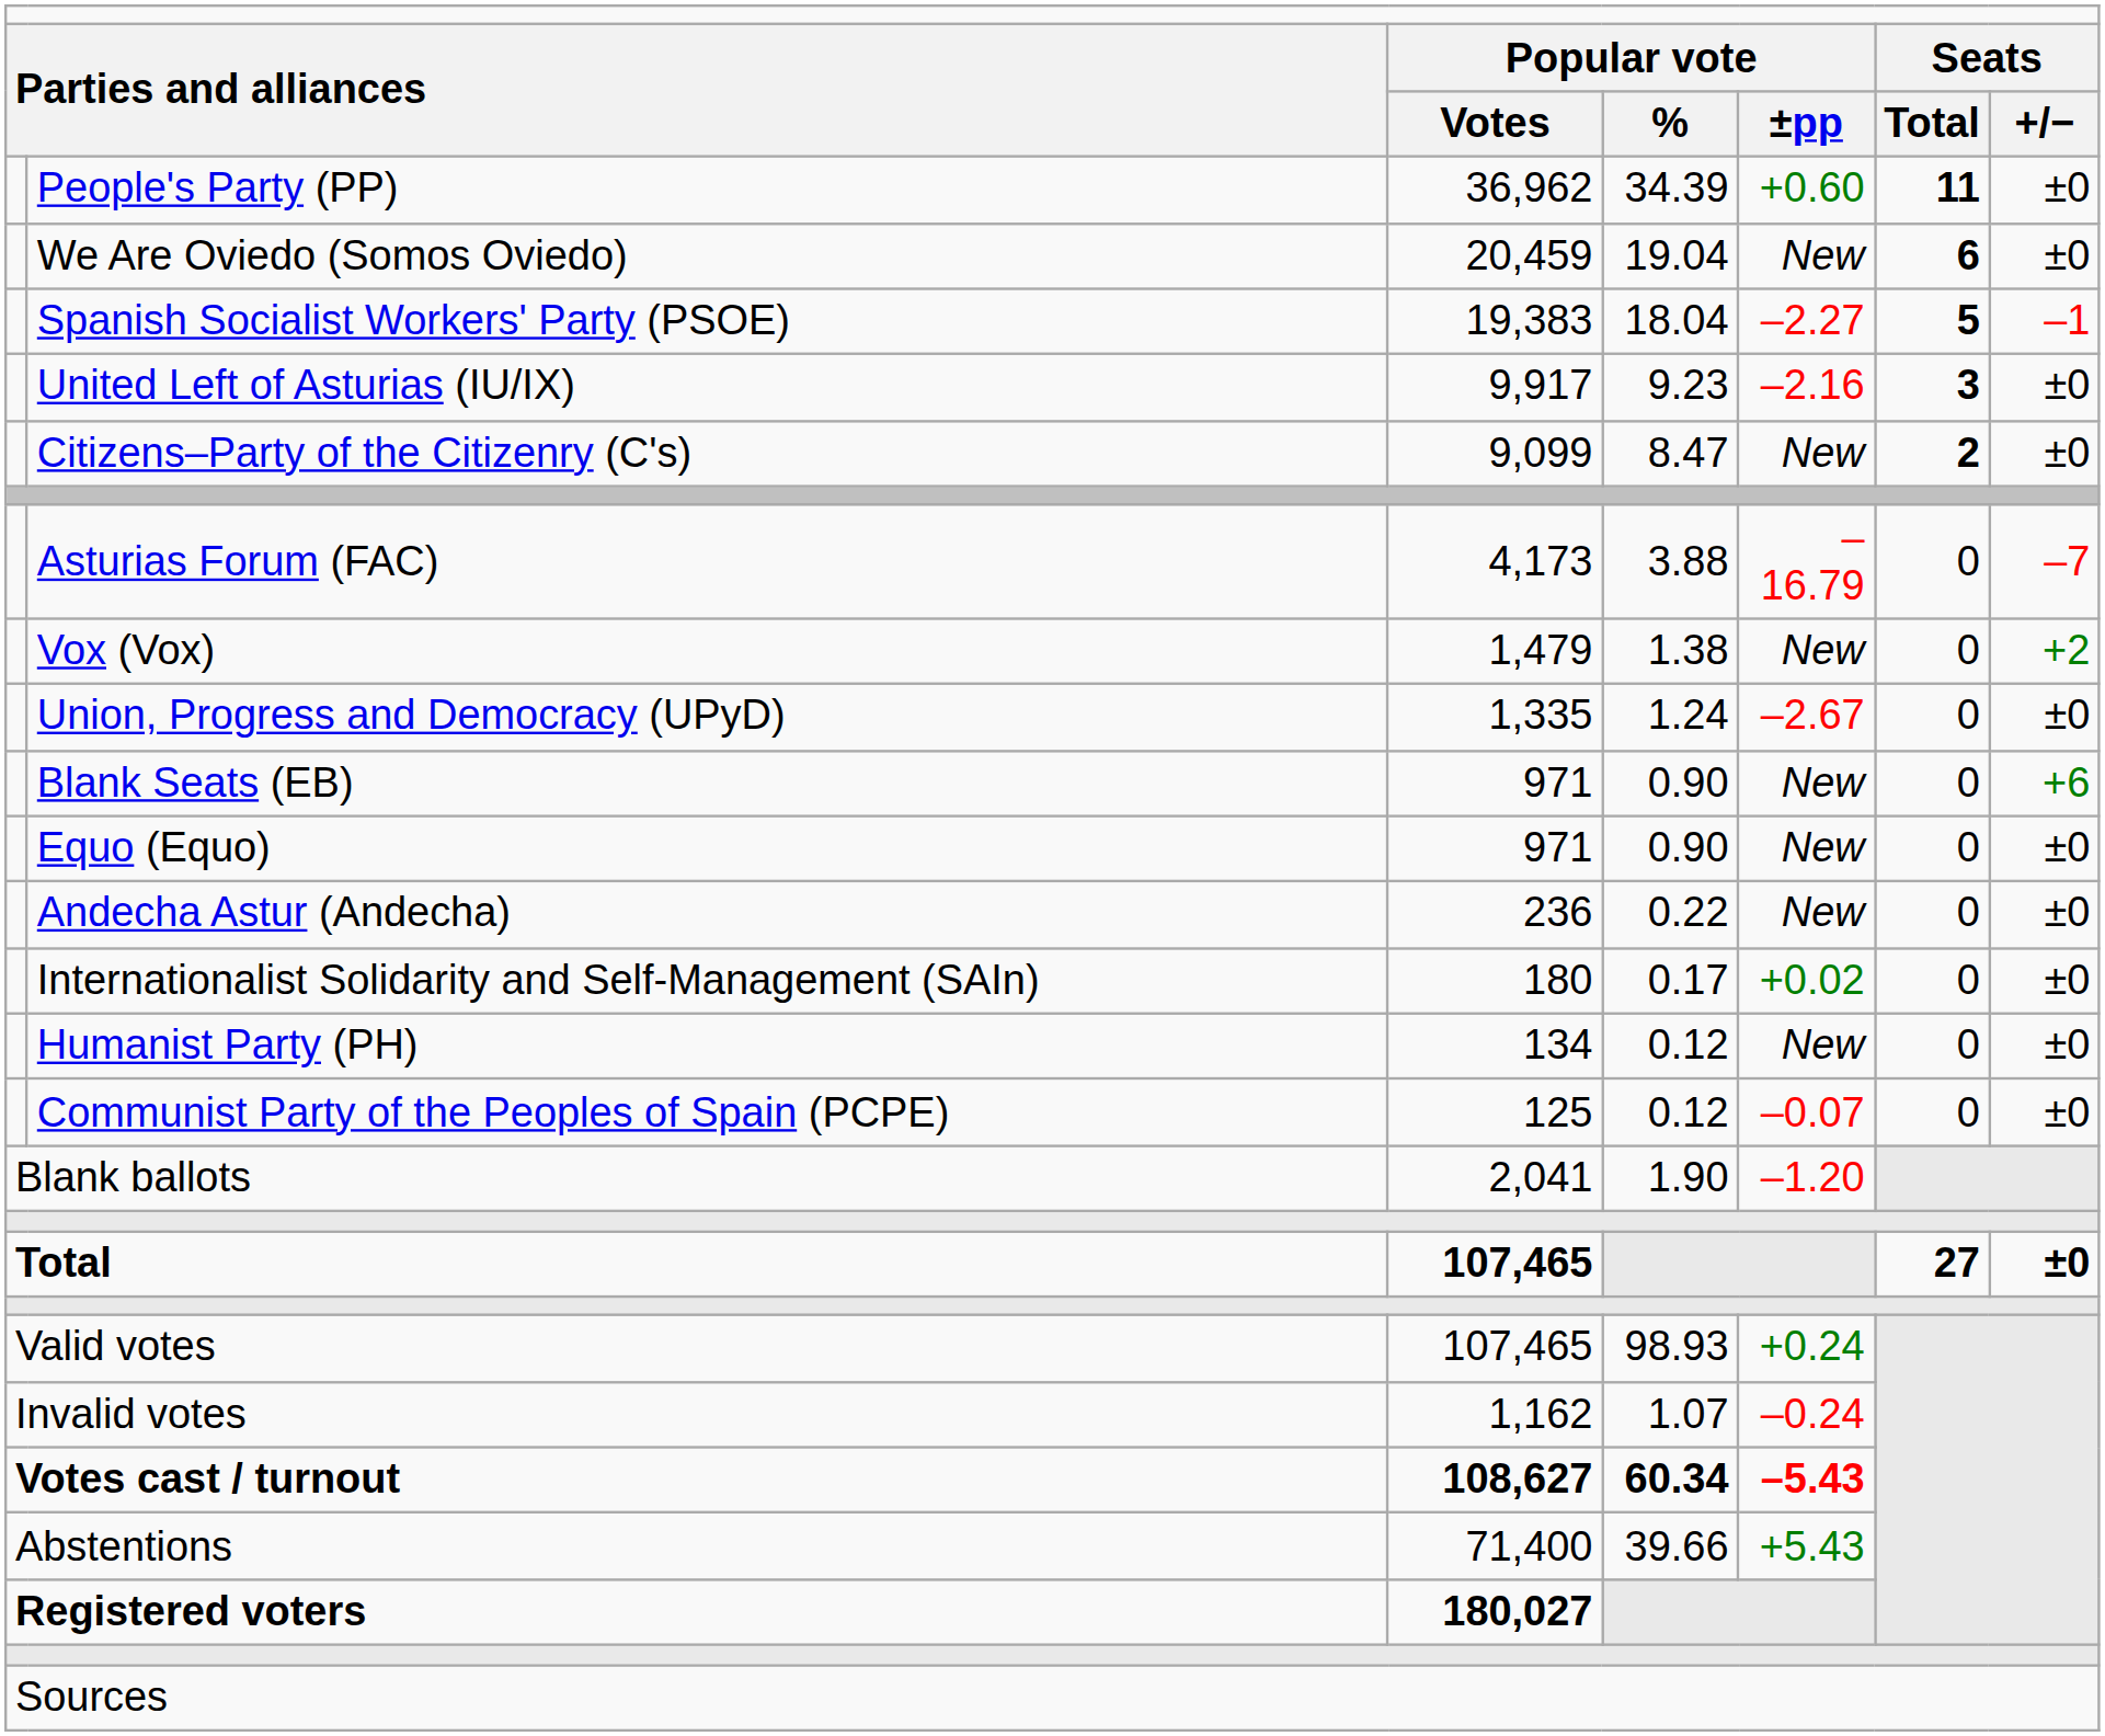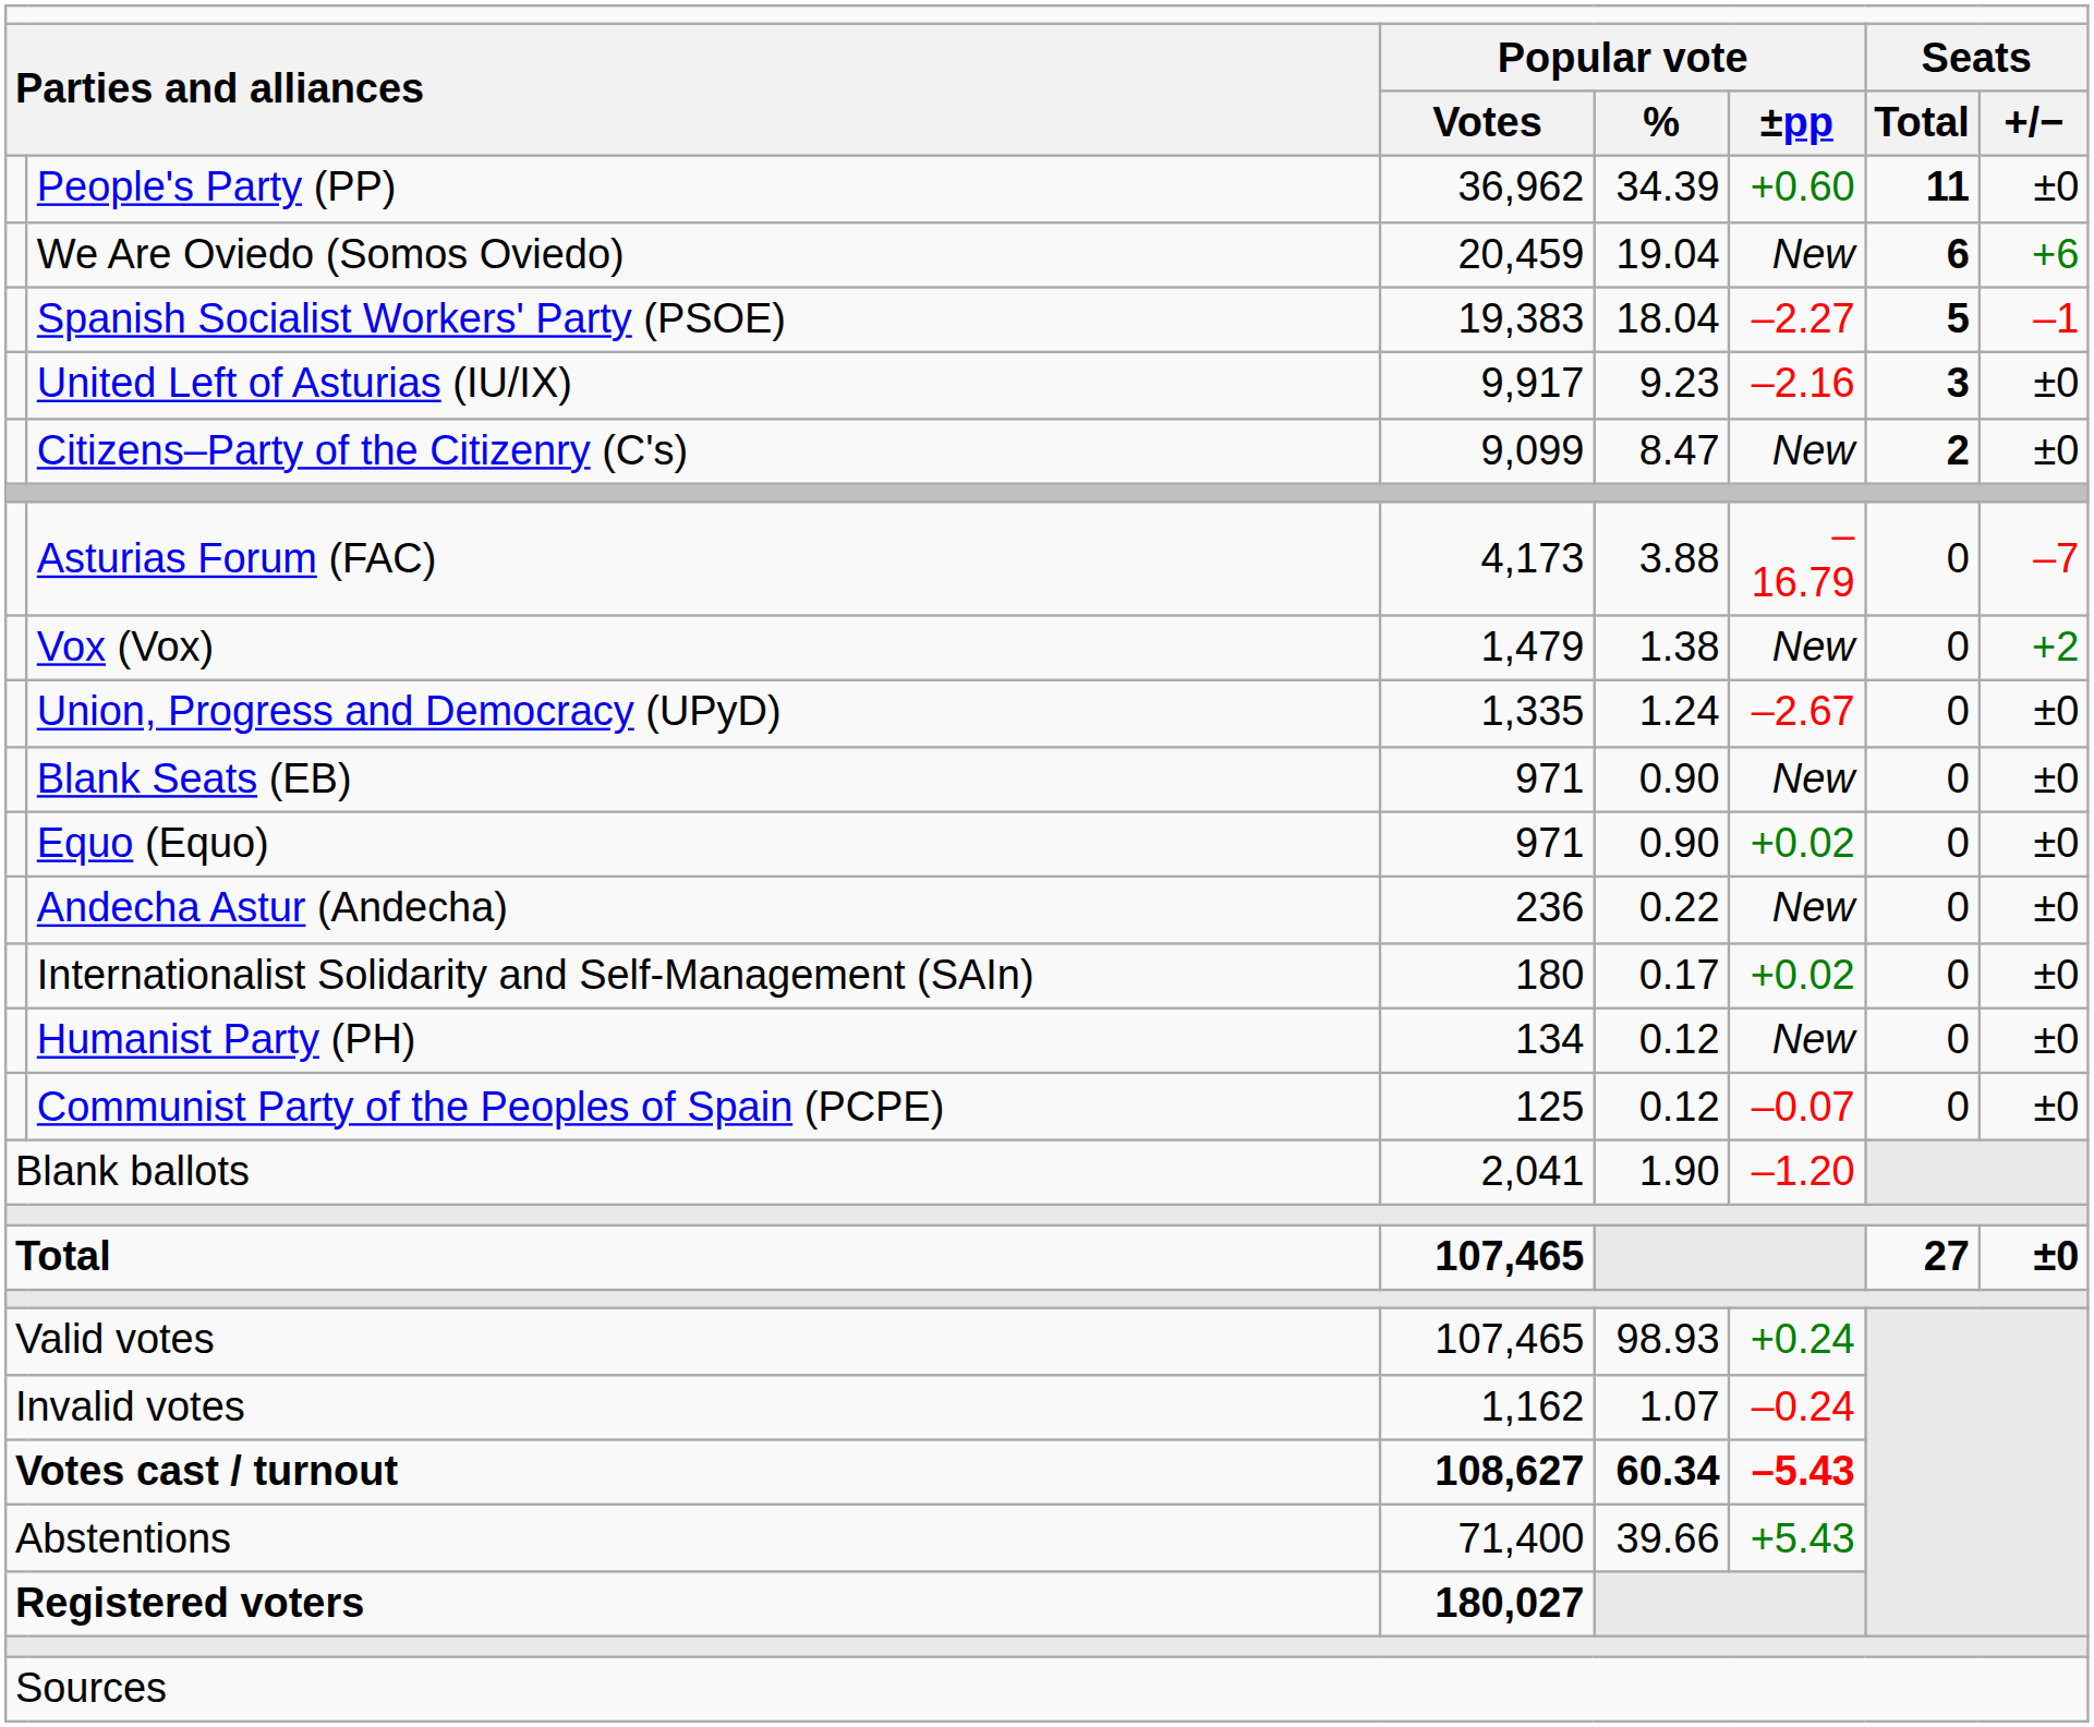 <table class="wikitable" style="text-align:right;">
 <tr>
 <td colspan="7"></td>
 </tr>
 <tr>
 <th style="text-align:left;" rowspan="2" colspan="2" width="525">Parties and alliances</th>
 <th colspan="3">Popular vote</th>
 <th colspan="2">Seats</th>
 </tr>
 <tr>
 <th width="75">Votes</th>
 <th width="45">%</th>
 <th width="45">±<a href='#'>pp</a></th>
 <th width="35">Total</th>
 <th width="35">+/−</th>
 </tr>
 <tr>
 <td width="1" style="color:inherit;background:"></td>
 <td align="left"><a href='#'>People's Party</a> (PP)</td>
 <td>36,962</td>
 <td>34.39</td>
 <td style="color:green;">+0.60</td>
 <td><strong>11</strong></td>
 <td>±0</td>
 </tr>
 <tr>
 <td style="color:inherit;background:"></td>
 <td align="left">We Are Oviedo (Somos Oviedo)</td>
 <td>20,459</td>
 <td>19.04</td>
 <td><em>New</em></td>
 <td><strong>6</strong></td>
-<td>±0</td>
+<td style="color:green;">+6</td>
 </tr>
 <tr>
 <td style="color:inherit;background:"></td>
 <td align="left"><a href='#'>Spanish Socialist Workers' Party</a> (PSOE)</td>
 <td>19,383</td>
 <td>18.04</td>
 <td style="color:red;">–2.27</td>
 <td><strong>5</strong></td>
 <td style="color:red;">–1</td>
 </tr>
 <tr>
 <td style="color:inherit;background:"></td>
 <td align="left"><a href='#'>United Left of Asturias</a> (IU/IX)</td>
 <td>9,917</td>
 <td>9.23</td>
 <td style="color:red;">–2.16</td>
 <td><strong>3</strong></td>
 <td>±0</td>
 </tr>
 <tr>
 <td style="color:inherit;background:"></td>
 <td align="left"><a href='#'>Citizens–Party of the Citizenry</a> (C's)</td>
 <td>9,099</td>
 <td>8.47</td>
 <td><em>New</em></td>
 <td><strong>2</strong></td>
 <td>±0</td>
 </tr>
 <tr>
 <td colspan="7" bgcolor="#C0C0C0"></td>
 </tr>
 <tr>
 <td style="color:inherit;background:"></td>
 <td align="left"><a href='#'>Asturias Forum</a> (FAC)</td>
 <td>4,173</td>
 <td>3.88</td>
 <td style="color:red;">–16.79</td>
 <td>0</td>
 <td style="color:red;">–7</td>
 </tr>
 <tr>
 <td style="color:inherit;background:"></td>
 <td align="left"><a href='#'>Vox</a> (Vox)</td>
 <td>1,479</td>
 <td>1.38</td>
 <td><em>New</em></td>
 <td>0</td>
 <td style="color:green;">+2</td>
 </tr>
 <tr>
 <td style="color:inherit;background:"></td>
 <td align="left"><a href='#'>Union, Progress and Democracy</a> (UPyD)</td>
 <td>1,335</td>
 <td>1.24</td>
 <td style="color:red;">–2.67</td>
 <td>0</td>
 <td>±0</td>
 </tr>
 <tr>
 <td style="color:inherit;background:"></td>
 <td align="left"><a href='#'>Blank Seats</a> (EB)</td>
 <td>971</td>
 <td>0.90</td>
 <td><em>New</em></td>
 <td>0</td>
-<td style="color:green;">+6</td>
+<td>±0</td>
 </tr>
 <tr>
 <td style="color:inherit;background:"></td>
 <td align="left"><a href='#'>Equo</a> (Equo)</td>
 <td>971</td>
 <td>0.90</td>
-<td><em>New</em></td>
+<td style="color:green;">+0.02</td>
 <td>0</td>
 <td>±0</td>
 </tr>
 <tr>
 <td style="color:inherit;background:"></td>
 <td align="left"><a href='#'>Andecha Astur</a> (Andecha)</td>
 <td>236</td>
 <td>0.22</td>
 <td><em>New</em></td>
 <td>0</td>
 <td>±0</td>
 </tr>
 <tr>
 <td style="color:inherit;background:"></td>
 <td align="left">Internationalist Solidarity and Self-Management (SAIn)</td>
 <td>180</td>
 <td>0.17</td>
 <td style="color:green;">+0.02</td>
 <td>0</td>
 <td>±0</td>
 </tr>
 <tr>
 <td style="color:inherit;background:"></td>
 <td align="left"><a href='#'>Humanist Party</a> (PH)</td>
 <td>134</td>
 <td>0.12</td>
 <td><em>New</em></td>
 <td>0</td>
 <td>±0</td>
 </tr>
 <tr>
 <td style="color:inherit;background:"></td>
 <td align="left"><a href='#'>Communist Party of the Peoples of Spain</a> (PCPE)</td>
 <td>125</td>
 <td>0.12</td>
 <td style="color:red;">–0.07</td>
 <td>0</td>
 <td>±0</td>
 </tr>
 <tr>
 <td align="left" colspan="2">Blank ballots</td>
 <td>2,041</td>
 <td>1.90</td>
 <td style="color:red;">–1.20</td>
 <td bgcolor="#E9E9E9" colspan="2"></td>
 </tr>
 <tr>
 <td colspan="7" bgcolor="#E9E9E9"></td>
 </tr>
 <tr style="font-weight:bold;">
 <td align="left" colspan="2">Total</td>
 <td>107,465</td>
 <td bgcolor="#E9E9E9" colspan="2"></td>
 <td>27</td>
 <td>±0</td>
 </tr>
 <tr>
 <td colspan="7" bgcolor="#E9E9E9"></td>
 </tr>
 <tr>
 <td align="left" colspan="2">Valid votes</td>
 <td>107,465</td>
 <td>98.93</td>
 <td style="color:green;">+0.24</td>
 <td bgcolor="#E9E9E9" colspan="2" rowspan="5"></td>
 </tr>
 <tr>
 <td align="left" colspan="2">Invalid votes</td>
 <td>1,162</td>
 <td>1.07</td>
 <td style="color:red;">–0.24</td>
 </tr>
 <tr style="font-weight:bold;">
 <td align="left" colspan="2">Votes cast / turnout</td>
 <td>108,627</td>
 <td>60.34</td>
 <td style="color:red;">–5.43</td>
 </tr>
 <tr>
 <td align="left" colspan="2">Abstentions</td>
 <td>71,400</td>
 <td>39.66</td>
 <td style="color:green;">+5.43</td>
 </tr>
 <tr style="font-weight:bold;">
 <td align="left" colspan="2">Registered voters</td>
 <td>180,027</td>
 <td bgcolor="#E9E9E9" colspan="2"></td>
 </tr>
 <tr>
 <td colspan="7" bgcolor="#E9E9E9"></td>
 </tr>
 <tr>
 <td align="left" colspan="7">Sources</td>
 </tr>
 </table>
